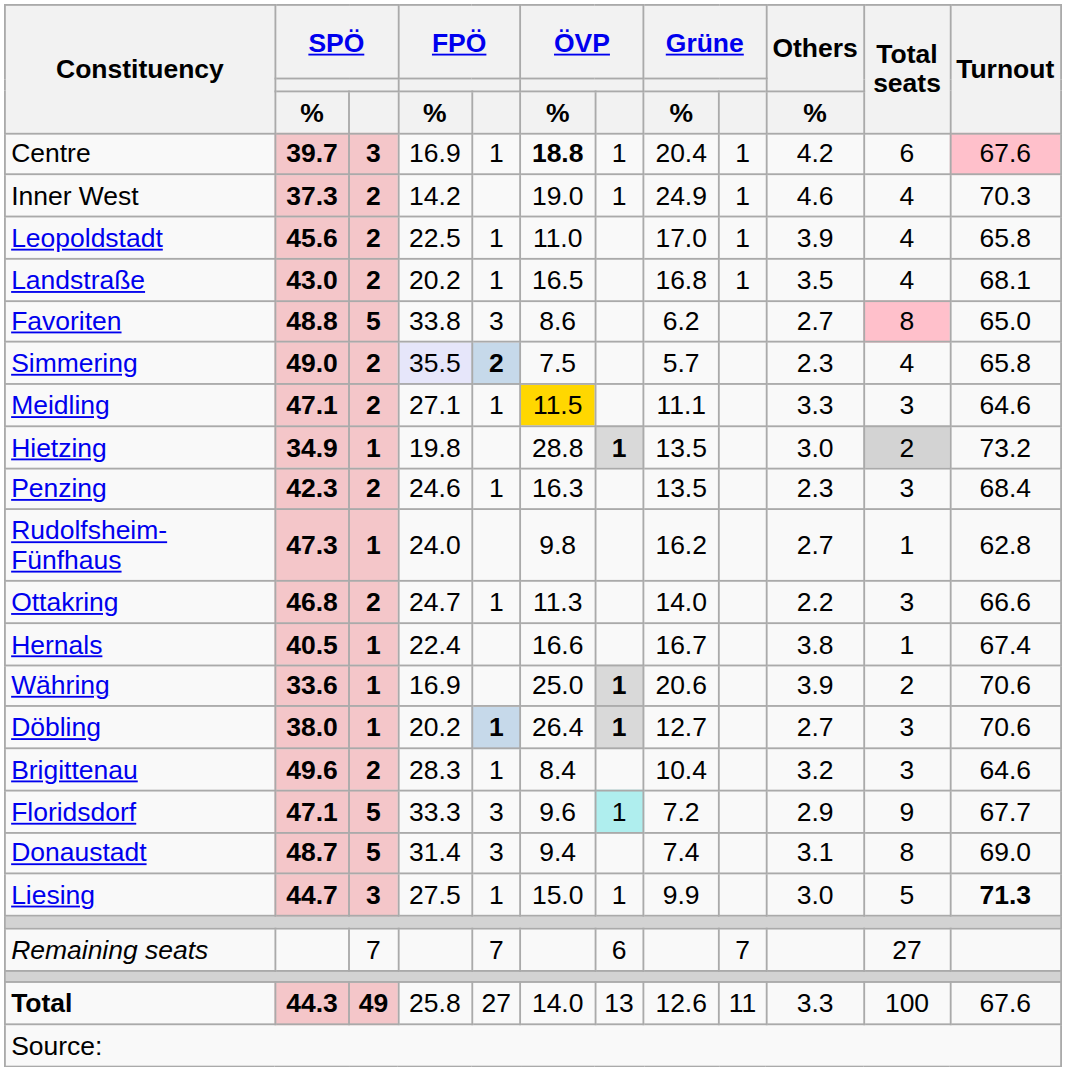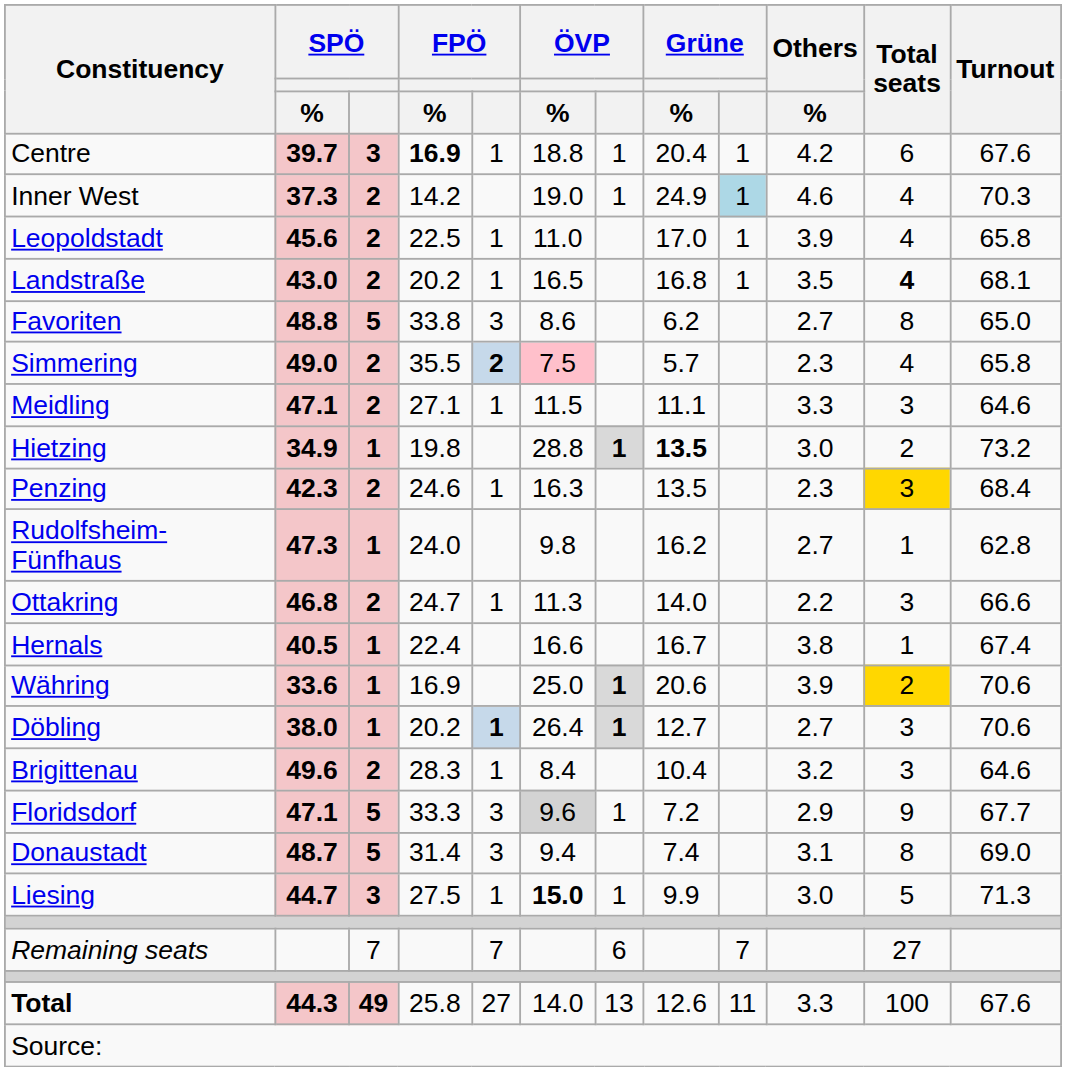 <table class="wikitable" style="text-align:center;font-size:90%;line-height:16px">
 <tr style="height:40px;">
 <th style="width:140px;" rowspan="3">Constituency</th>
 <th style="width:60px;" colspan="2"><a href='#'>SPÖ</a></th>
 <th style="width:60px;" colspan="2"><a href='#'>FPÖ</a></th>
 <th style="width:60px;" colspan="2"><a href='#'>ÖVP</a></th>
 <th style="width:60px;" colspan="2"><a href='#'>Grüne</a></th>
 <th class="unsortable" style="width:40px;" rowspan="2">Others</th>
 <th class="unsortable" style="width:40px;" rowspan="3">Total<br>seats</th>
 <th class="unsortable" style="width:40px;" rowspan="3">Turnout</th>
 </tr>
 <tr>
 <th colspan="2" style="background:"></th>
 <th colspan="2" style="background:"></th>
 <th colspan="2" style="background:"></th>
 <th colspan="2" style="background:"></th>
 </tr>
 <tr>
 <th class=unsortable>%</th>
 <th class=unsortable></th>
 <th class=unsortable>%</th>
 <th class=unsortable></th>
 <th class=unsortable>%</th>
 <th class=unsortable></th>
 <th class=unsortable>%</th>
 <th class=unsortable></th>
 <th class=unsortable>%</th>
 </tr>
 <tr>
 <td align=left>Centre</td>
 <td bgcolor=#F4C6C9><strong>39.7</strong></td>
 <td bgcolor=#F4C6C9><strong>3</strong></td>
-<td>16.9</td>
+<td><strong>16.9</strong></td>
 <td>1</td>
-<td><strong>18.8</strong></td>
+<td>18.8</td>
 <td>1</td>
 <td>20.4</td>
 <td>1</td>
 <td>4.2</td>
 <td>6</td>
-<td style="background: pink;">67.6</td>
+<td>67.6</td>
 </tr>
 <tr>
 <td align=left>Inner West</td>
 <td bgcolor=#F4C6C9><strong>37.3</strong></td>
 <td bgcolor=#F4C6C9><strong>2</strong></td>
 <td>14.2</td>
 <td></td>
 <td>19.0</td>
 <td>1</td>
 <td>24.9</td>
-<td>1</td>
+<td style="background: lightblue;">1</td>
 <td>4.6</td>
 <td>4</td>
 <td>70.3</td>
 </tr>
 <tr>
 <td align=left><a href='#'>Leopoldstadt</a></td>
 <td bgcolor=#F4C6C9><strong>45.6</strong></td>
 <td bgcolor=#F4C6C9><strong>2</strong></td>
 <td>22.5</td>
 <td>1</td>
 <td>11.0</td>
 <td></td>
 <td>17.0</td>
 <td>1</td>
 <td>3.9</td>
 <td>4</td>
 <td>65.8</td>
 </tr>
 <tr>
 <td align=left><a href='#'>Landstraße</a></td>
 <td bgcolor=#F4C6C9><strong>43.0</strong></td>
 <td bgcolor=#F4C6C9><strong>2</strong></td>
 <td>20.2</td>
 <td>1</td>
 <td>16.5</td>
 <td></td>
 <td>16.8</td>
 <td>1</td>
 <td>3.5</td>
-<td>4</td>
+<td><strong>4</strong></td>
 <td>68.1</td>
 </tr>
 <tr>
 <td align=left><a href='#'>Favoriten</a></td>
 <td bgcolor=#F4C6C9><strong>48.8</strong></td>
 <td bgcolor=#F4C6C9><strong>5</strong></td>
 <td>33.8</td>
 <td>3</td>
 <td>8.6</td>
 <td></td>
 <td>6.2</td>
 <td></td>
 <td>2.7</td>
-<td style="background: pink;">8</td>
+<td>8</td>
 <td>65.0</td>
 </tr>
 <tr>
 <td align=left><a href='#'>Simmering</a></td>
 <td bgcolor=#F4C6C9><strong>49.0</strong></td>
 <td bgcolor=#F4C6C9><strong>2</strong></td>
-<td style="background: lavender;">35.5</td>
+<td>35.5</td>
 <td bgcolor=#C6D9EA><strong>2</strong></td>
-<td>7.5</td>
+<td style="background: pink;">7.5</td>
 <td></td>
 <td>5.7</td>
 <td></td>
 <td>2.3</td>
 <td>4</td>
 <td>65.8</td>
 </tr>
 <tr>
 <td align=left><a href='#'>Meidling</a></td>
 <td bgcolor=#F4C6C9><strong>47.1</strong></td>
 <td bgcolor=#F4C6C9><strong>2</strong></td>
 <td>27.1</td>
 <td>1</td>
-<td style="background: gold;">11.5</td>
+<td>11.5</td>
 <td></td>
 <td>11.1</td>
 <td></td>
 <td>3.3</td>
 <td>3</td>
 <td>64.6</td>
 </tr>
 <tr>
 <td align=left><a href='#'>Hietzing</a></td>
 <td bgcolor=#F4C6C9><strong>34.9</strong></td>
 <td bgcolor=#F4C6C9><strong>1</strong></td>
 <td>19.8</td>
 <td></td>
 <td>28.8</td>
 <td bgcolor=#D9D9D9><strong>1</strong></td>
-<td>13.5</td>
+<td><strong>13.5</strong></td>
 <td></td>
 <td>3.0</td>
-<td style="background: lightgrey;">2</td>
+<td>2</td>
 <td>73.2</td>
 </tr>
 <tr>
 <td align=left><a href='#'>Penzing</a></td>
 <td bgcolor=#F4C6C9><strong>42.3</strong></td>
 <td bgcolor=#F4C6C9><strong>2</strong></td>
 <td>24.6</td>
 <td>1</td>
 <td>16.3</td>
 <td></td>
 <td>13.5</td>
 <td></td>
 <td>2.3</td>
-<td>3</td>
+<td style="background: gold;">3</td>
 <td>68.4</td>
 </tr>
 <tr>
 <td align=left><a href='#'>Rudolfsheim-Fünfhaus</a></td>
 <td bgcolor=#F4C6C9><strong>47.3</strong></td>
 <td bgcolor=#F4C6C9><strong>1</strong></td>
 <td>24.0</td>
 <td></td>
 <td>9.8</td>
 <td></td>
 <td>16.2</td>
 <td></td>
 <td>2.7</td>
 <td>1</td>
 <td>62.8</td>
 </tr>
 <tr>
 <td align=left><a href='#'>Ottakring</a></td>
 <td bgcolor=#F4C6C9><strong>46.8</strong></td>
 <td bgcolor=#F4C6C9><strong>2</strong></td>
 <td>24.7</td>
 <td>1</td>
 <td>11.3</td>
 <td></td>
 <td>14.0</td>
 <td></td>
 <td>2.2</td>
 <td>3</td>
 <td>66.6</td>
 </tr>
 <tr>
 <td align=left><a href='#'>Hernals</a></td>
 <td bgcolor=#F4C6C9><strong>40.5</strong></td>
 <td bgcolor=#F4C6C9><strong>1</strong></td>
 <td>22.4</td>
 <td></td>
 <td>16.6</td>
 <td></td>
 <td>16.7</td>
 <td></td>
 <td>3.8</td>
 <td>1</td>
 <td>67.4</td>
 </tr>
 <tr>
 <td align=left><a href='#'>Währing</a></td>
 <td bgcolor=#F4C6C9><strong>33.6</strong></td>
 <td bgcolor=#F4C6C9><strong>1</strong></td>
 <td>16.9</td>
 <td></td>
 <td>25.0</td>
 <td bgcolor=#D9D9D9><strong>1</strong></td>
 <td>20.6</td>
 <td></td>
 <td>3.9</td>
-<td>2</td>
+<td style="background: gold;">2</td>
 <td>70.6</td>
 </tr>
 <tr>
 <td align=left><a href='#'>Döbling</a></td>
 <td bgcolor=#F4C6C9><strong>38.0</strong></td>
 <td bgcolor=#F4C6C9><strong>1</strong></td>
 <td>20.2</td>
 <td bgcolor=#C6D9EA><strong>1</strong></td>
 <td>26.4</td>
 <td bgcolor=#D9D9D9><strong>1</strong></td>
 <td>12.7</td>
 <td></td>
 <td>2.7</td>
 <td>3</td>
 <td>70.6</td>
 </tr>
 <tr>
 <td align=left><a href='#'>Brigittenau</a></td>
 <td bgcolor=#F4C6C9><strong>49.6</strong></td>
 <td bgcolor=#F4C6C9><strong>2</strong></td>
 <td>28.3</td>
 <td>1</td>
 <td>8.4</td>
 <td></td>
 <td>10.4</td>
 <td></td>
 <td>3.2</td>
 <td>3</td>
 <td>64.6</td>
 </tr>
 <tr>
 <td align=left><a href='#'>Floridsdorf</a></td>
 <td bgcolor=#F4C6C9><strong>47.1</strong></td>
 <td bgcolor=#F4C6C9><strong>5</strong></td>
 <td>33.3</td>
 <td>3</td>
-<td>9.6</td>
-<td style="background: paleturquoise;">1</td>
+<td style="background: lightgrey;">9.6</td>
+<td>1</td>
 <td>7.2</td>
 <td></td>
 <td>2.9</td>
 <td>9</td>
 <td>67.7</td>
 </tr>
 <tr>
 <td align=left><a href='#'>Donaustadt</a></td>
 <td bgcolor=#F4C6C9><strong>48.7</strong></td>
 <td bgcolor=#F4C6C9><strong>5</strong></td>
 <td>31.4</td>
 <td>3</td>
 <td>9.4</td>
 <td></td>
 <td>7.4</td>
 <td></td>
 <td>3.1</td>
 <td>8</td>
 <td>69.0</td>
 </tr>
 <tr>
 <td align=left><a href='#'>Liesing</a></td>
 <td bgcolor=#F4C6C9><strong>44.7</strong></td>
 <td bgcolor=#F4C6C9><strong>3</strong></td>
 <td>27.5</td>
 <td>1</td>
-<td>15.0</td>
+<td><strong>15.0</strong></td>
 <td>1</td>
 <td>9.9</td>
 <td></td>
 <td>3.0</td>
 <td>5</td>
-<td><strong>71.3</strong></td>
+<td>71.3</td>
 </tr>
 <tr>
 <td colspan=12 bgcolor=lightgrey></td>
 </tr>
 <tr>
 <td align=left><em>Remaining seats</em></td>
 <td></td>
 <td>7</td>
 <td></td>
 <td>7</td>
 <td></td>
 <td>6</td>
 <td></td>
 <td>7</td>
 <td></td>
 <td>27</td>
 <td></td>
 </tr>
 <tr>
 <td colspan=12 bgcolor=lightgrey></td>
 </tr>
 <tr>
 <td align=left><strong>Total</strong></td>
 <td bgcolor=#F4C6C9><strong>44.3</strong></td>
 <td bgcolor=#F4C6C9><strong>49</strong></td>
 <td>25.8</td>
 <td>27</td>
 <td>14.0</td>
 <td>13</td>
 <td>12.6</td>
 <td>11</td>
 <td>3.3</td>
 <td>100</td>
 <td>67.6</td>
 </tr>
 <tr class=sortbottom>
 <td colspan=14 align=left>Source: </td>
 </tr>
 </table>
